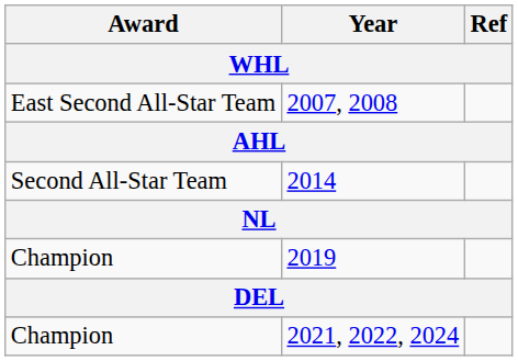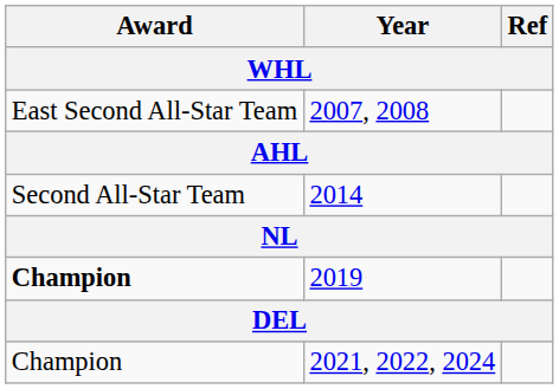 <table class="wikitable">
 <tr>
 <th>Award</th>
 <th>Year</th>
 <th>Ref</th>
 </tr>
 <tr>
 <th colspan="3"><a href='#'>WHL</a></th>
 </tr>
 <tr>
 <td>East Second All-Star Team</td>
 <td><a href='#'>2007</a>, <a href='#'>2008</a></td>
 <td></td>
 </tr>
 <tr>
 <th colspan="3"><a href='#'>AHL</a></th>
 </tr>
 <tr>
 <td>Second All-Star Team</td>
 <td><a href='#'>2014</a></td>
 <td></td>
 </tr>
 <tr>
 <th colspan="3"><a href='#'>NL</a></th>
 </tr>
 <tr>
-<td>Champion</td>
+<td><strong>Champion</strong></td>
 <td><a href='#'>2019</a></td>
 <td></td>
 </tr>
 <tr>
 <th colspan="3"><a href='#'>DEL</a></th>
 </tr>
 <tr>
 <td>Champion</td>
 <td><a href='#'>2021</a>, <a href='#'>2022</a>, <a href='#'>2024</a></td>
 <td></td>
 </tr>
 </table>
